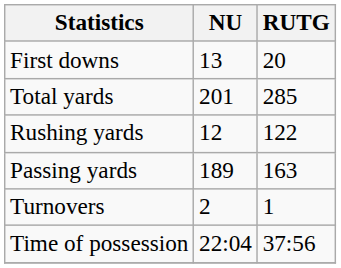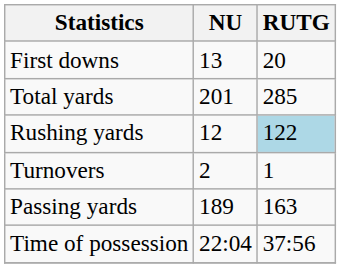 <table class="wikitable">
 <tr>
 <th>Statistics</th>
 <th>NU</th>
 <th>RUTG</th>
 </tr>
 <tr>
 <td>First downs</td>
 <td>13</td>
 <td>20</td>
 </tr>
 <tr>
 <td>Total yards</td>
 <td>201</td>
 <td>285</td>
 </tr>
 <tr>
 <td>Rushing yards</td>
 <td>12</td>
-<td>122</td>
+<td style="background: lightblue;">122</td>
+</tr>
+<tr>
+<td>Turnovers</td>
+<td>2</td>
+<td>1</td>
 </tr>
 <tr>
 <td>Passing yards</td>
 <td>189</td>
 <td>163</td>
-</tr>
-<tr>
-<td>Turnovers</td>
-<td>2</td>
-<td>1</td>
 </tr>
 <tr>
 <td>Time of possession</td>
 <td>22:04</td>
 <td>37:56</td>
 </tr>
 <tr>
 </tr>
 </table>
